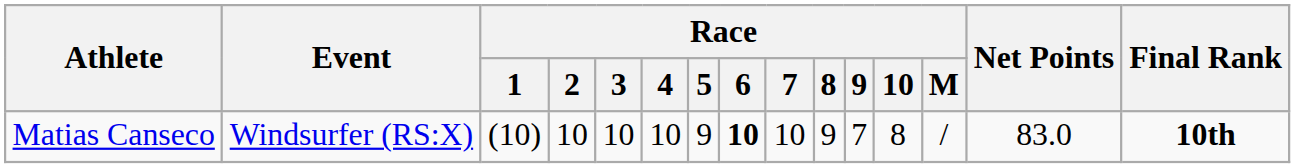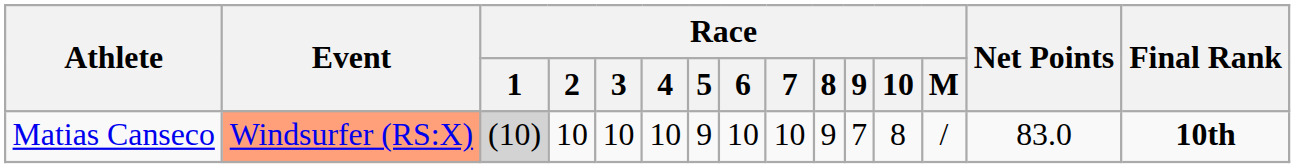 <table class="wikitable" border="1" style="font-size:90%">
 <tr>
 <th rowspan=2>Athlete</th>
 <th rowspan=2>Event</th>
 <th colspan=11>Race</th>
 <th rowspan=2>Net Points</th>
 <th rowspan=2>Final Rank</th>
 </tr>
 <tr>
 <th>1</th>
 <th>2</th>
 <th>3</th>
 <th>4</th>
 <th>5</th>
 <th>6</th>
 <th>7</th>
 <th>8</th>
 <th>9</th>
 <th>10</th>
 <th>M</th>
 </tr>
 <tr align=center>
 <td align=left><a href='#'>Matias Canseco</a></td>
-<td align=left><a href='#'>Windsurfer (RS:X)</a></td>
-<td>(10)</td>
+<td align=left style="background: lightsalmon;"><a href='#'>Windsurfer (RS:X)</a></td>
+<td style="background: lightgrey;">(10)</td>
 <td>10</td>
 <td>10</td>
 <td>10</td>
 <td>9</td>
-<td><strong>10</strong></td>
+<td>10</td>
 <td>10</td>
 <td>9</td>
 <td>7</td>
 <td>8</td>
 <td>/</td>
 <td>83.0</td>
 <td><strong>10th</strong></td>
 </tr>
 </table>
